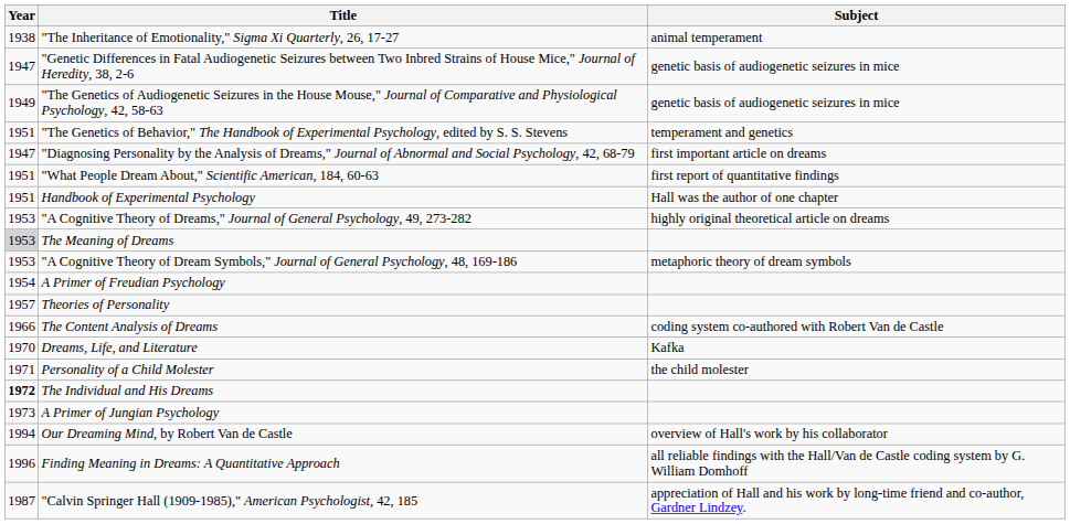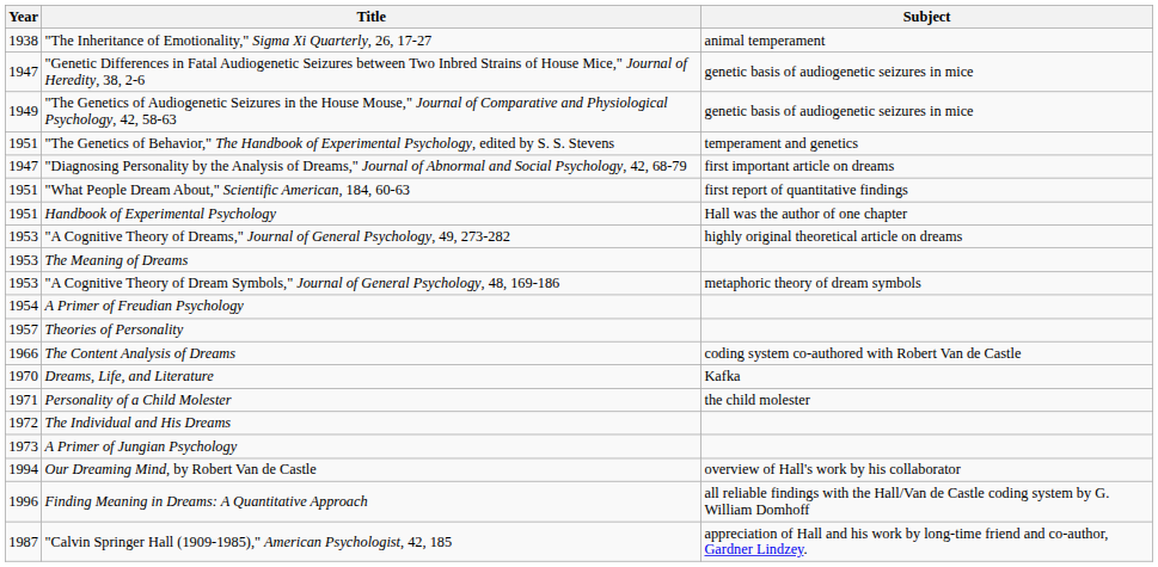 <table class="wikitable">
 <tr>
 <th>Year</th>
 <th>Title</th>
 <th>Subject</th>
 </tr>
 <tr>
 <td>1938</td>
 <td>"The Inheritance of Emotionality," <em>Sigma Xi Quarterly</em>, 26, 17-27</td>
 <td>animal temperament</td>
 </tr>
 <tr>
 <td>1947</td>
 <td>"Genetic Differences in Fatal Audiogenetic Seizures between Two Inbred Strains of House Mice," <em>Journal of Heredity</em>, 38, 2-6</td>
 <td>genetic basis of audiogenetic seizures in mice</td>
 </tr>
 <tr>
 <td>1949</td>
 <td>"The Genetics of Audiogenetic Seizures in the House Mouse," <em>Journal of Comparative and Physiological Psychology</em>, 42, 58-63</td>
 <td>genetic basis of audiogenetic seizures in mice</td>
 </tr>
 <tr>
 <td>1951</td>
 <td>"The Genetics of Behavior," <em>The Handbook of Experimental Psychology</em>, edited by S. S. Stevens</td>
 <td>temperament and genetics</td>
 </tr>
 <tr>
 <td>1947</td>
 <td>"Diagnosing Personality by the Analysis of Dreams," <em>Journal of Abnormal and Social Psychology</em>, 42, 68-79</td>
 <td>first important article on dreams</td>
 </tr>
 <tr>
 <td>1951</td>
 <td>"What People Dream About," <em>Scientific American</em>, 184, 60-63</td>
 <td>first report of quantitative findings</td>
 </tr>
 <tr>
 <td>1951</td>
 <td><em>Handbook of Experimental Psychology</em></td>
 <td>Hall was the author of one chapter</td>
 </tr>
 <tr>
 <td>1953</td>
 <td>"A Cognitive Theory of Dreams," <em>Journal of General Psychology</em>, 49, 273-282</td>
 <td>highly original theoretical article on dreams</td>
 </tr>
 <tr>
-<td style="background: lightgrey;">1953</td>
+<td>1953</td>
 <td><em>The Meaning of Dreams</em></td>
 </tr>
 <tr>
 <td>1953</td>
 <td>"A Cognitive Theory of Dream Symbols," <em>Journal of General Psychology</em>, 48, 169-186</td>
 <td>metaphoric theory of dream symbols</td>
 </tr>
 <tr>
 <td>1954</td>
 <td><em>A Primer of Freudian Psychology</em></td>
 <td></td>
 </tr>
 <tr>
 <td>1957</td>
 <td><em>Theories of Personality</em></td>
 <td></td>
 </tr>
 <tr>
 <td>1966</td>
 <td><em>The Content Analysis of Dreams</em></td>
 <td>coding system co-authored with Robert Van de Castle</td>
 </tr>
 <tr>
 <td>1970</td>
 <td><em>Dreams, Life, and Literature</em></td>
 <td>Kafka</td>
 </tr>
 <tr>
 <td>1971</td>
 <td><em>Personality of a Child Molester</em></td>
 <td>the child molester</td>
 </tr>
 <tr>
-<td><strong>1972</strong></td>
+<td>1972</td>
 <td><em>The Individual and His Dreams</em></td>
 <td></td>
 </tr>
 <tr>
 <td>1973</td>
 <td><em>A Primer of Jungian Psychology</em></td>
 <td></td>
 </tr>
 <tr>
 <td>1994</td>
 <td><em>Our Dreaming Mind</em>, by Robert Van de Castle</td>
 <td>overview of Hall's work by his collaborator</td>
 </tr>
 <tr>
 <td>1996</td>
 <td><em>Finding Meaning in Dreams: A Quantitative Approach</em></td>
 <td>all reliable findings with the Hall/Van de Castle coding system by G. William Domhoff</td>
 </tr>
 <tr>
 <td>1987</td>
 <td>"Calvin Springer Hall (1909-1985)," <em>American Psychologist</em>, 42, 185</td>
 <td>appreciation of Hall and his work by long-time friend and co-author, <a href='#'>Gardner Lindzey</a>.</td>
 </tr>
 </table>
